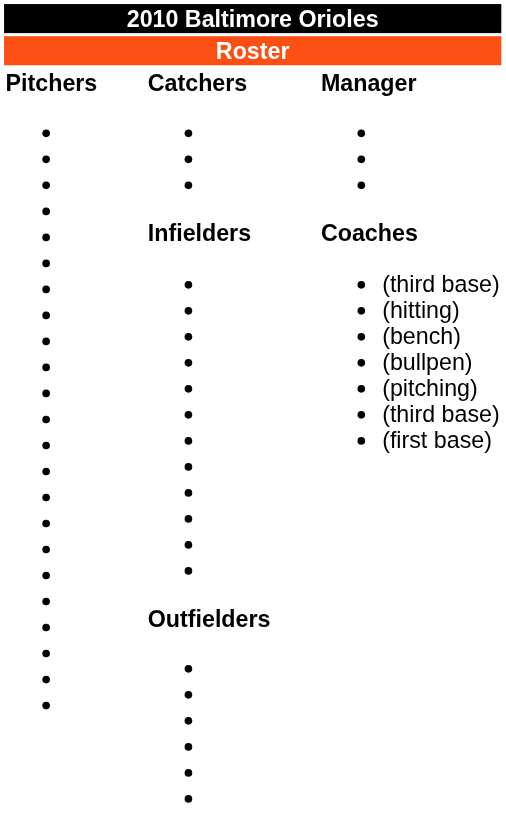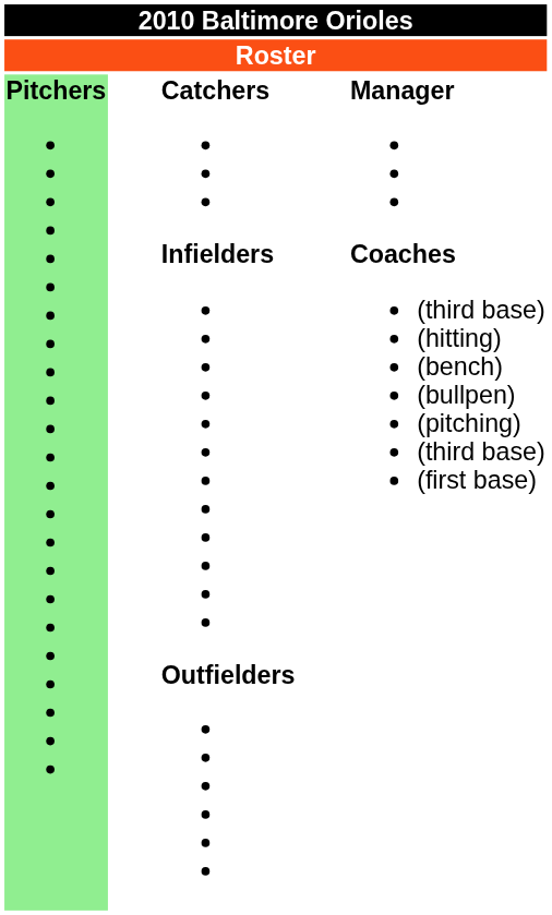 <table class="toccolours" style="font-size: 95%;">
 <tr>
 <th colspan="10" style="background:black; color:#fff; text-align:center;">2010 Baltimore Orioles</th>
 </tr>
 <tr>
 <td colspan="10" style="background:#fb4f14; color:white; text-align:center;"><strong>Roster</strong></td>
 </tr>
 <tr>
-<td valign="top"><strong>Pitchers</strong><br><ul><li></li><li></li><li></li><li></li><li></li><li></li><li></li><li></li><li></li><li></li><li></li><li></li><li></li><li></li><li></li><li></li><li></li><li></li><li></li><li></li><li></li><li></li><li></li></ul></td>
+<td valign="top" style="background: lightgreen;"><strong>Pitchers</strong><br><ul><li></li><li></li><li></li><li></li><li></li><li></li><li></li><li></li><li></li><li></li><li></li><li></li><li></li><li></li><li></li><li></li><li></li><li></li><li></li><li></li><li></li><li></li><li></li></ul></td>
 <td style="width:25px;"></td>
 <td valign="top"><strong>Catchers</strong><br><ul><li></li><li></li><li></li></ul><strong>Infielders</strong><ul><li></li><li></li><li></li><li></li><li></li><li></li><li></li><li></li><li></li><li></li><li></li><li></li></ul><strong>Outfielders</strong><ul><li></li><li></li><li></li><li></li><li></li><li></li></ul></td>
 <td style="width:25px;"></td>
 <td valign="top"><strong>Manager</strong><br><ul><li></li><li></li><li></li></ul><strong>Coaches</strong><ul><li> (third base)</li><li> (hitting)</li><li> (bench)</li><li> (bullpen)</li><li> (pitching)</li><li> (third base)</li><li> (first base)</li></ul></td>
 </tr>
 </table>
